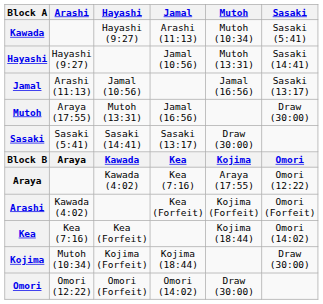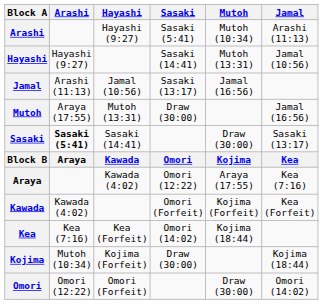 <table class="wikitable" style="margin: 1em auto 1em auto; text-align:center;">
 <tr>
 <th>Block A</th>
 <th><a href='#'>Arashi</a></th>
 <th><a href='#'>Hayashi</a></th>
+<th><a href='#'>Sasaki</a></th>
+<th><a href='#'>Mutoh</a></th>
 <th><a href='#'>Jamal</a></th>
-<th><a href='#'>Mutoh</a></th>
-<th><a href='#'>Sasaki</a></th>
 </tr>
 <tr>
-<th><a href='#'>Kawada</a></th>
+<th><a href='#'>Arashi</a></th>
 <td></td>
 <td>Hayashi<br>(9:27)</td>
+<td>Sasaki<br>(5:41)</td>
+<td>Mutoh<br>(10:34)</td>
 <td>Arashi<br>(11:13)</td>
-<td>Mutoh<br>(10:34)</td>
-<td>Sasaki<br>(5:41)</td>
 </tr>
 <tr>
 <th><a href='#'>Hayashi</a></th>
 <td>Hayashi<br>(9:27)</td>
 <td></td>
+<td>Sasaki<br>(14:41)</td>
+<td>Mutoh<br>(13:31)</td>
 <td>Jamal<br>(10:56)</td>
-<td>Mutoh<br>(13:31)</td>
-<td>Sasaki<br>(14:41)</td>
 </tr>
 <tr>
 <th><a href='#'>Jamal</a></th>
 <td>Arashi<br>(11:13)</td>
 <td>Jamal<br>(10:56)</td>
+<td>Sasaki<br>(13:17)</td>
+<td>Jamal<br>(16:56)</td>
 <td></td>
-<td>Jamal<br>(16:56)</td>
-<td>Sasaki<br>(13:17)</td>
 </tr>
 <tr>
 <th><a href='#'>Mutoh</a></th>
 <td>Araya<br>(17:55)</td>
 <td>Mutoh<br>(13:31)</td>
+<td>Draw<br>(30:00)</td>
+<td></td>
 <td>Jamal<br>(16:56)</td>
-<td></td>
-<td>Draw<br>(30:00)</td>
 </tr>
 <tr>
 <th><a href='#'>Sasaki</a></th>
-<td>Sasaki<br>(5:41)</td>
+<td><strong>Sasaki<br>(5:41)</strong></td>
 <td>Sasaki<br>(14:41)</td>
+<td></td>
+<td>Draw<br>(30:00)</td>
 <td>Sasaki<br>(13:17)</td>
-<td>Draw<br>(30:00)</td>
-<td></td>
 </tr>
 <tr>
 <th>Block B</th>
 <th Nobutaka Araya>Araya</th>
 <th><a href='#'>Kawada</a></th>
+<th><a href='#'>Omori</a></th>
+<th><a href='#'>Kojima</a></th>
 <th><a href='#'>Kea</a></th>
-<th><a href='#'>Kojima</a></th>
-<th><a href='#'>Omori</a></th>
 </tr>
 <tr>
 <th Nobutaka Araya>Araya</th>
 <td></td>
 <td>Kawada<br>(4:02)</td>
+<td>Omori<br>(12:22)</td>
+<td>Araya<br>(17:55)</td>
 <td>Kea<br>(7:16)</td>
-<td>Araya<br>(17:55)</td>
-<td>Omori<br>(12:22)</td>
 </tr>
 <tr>
-<th><a href='#'>Arashi</a></th>
+<th><a href='#'>Kawada</a></th>
 <td>Kawada<br>(4:02)</td>
 <td></td>
+<td>Omori<br>(Forfeit)</td>
+<td>Kojima<br>(Forfeit)</td>
 <td>Kea<br>(Forfeit)</td>
-<td>Kojima<br>(Forfeit)</td>
-<td>Omori<br>(Forfeit)</td>
 </tr>
 <tr>
 <th><a href='#'>Kea</a></th>
 <td>Kea<br>(7:16)</td>
 <td>Kea<br>(Forfeit)</td>
+<td>Omori<br>(14:02)</td>
+<td>Kojima<br>(18:44)</td>
 <td></td>
-<td>Kojima<br>(18:44)</td>
-<td>Omori<br>(14:02)</td>
 </tr>
 <tr>
 <th><a href='#'>Kojima</a></th>
 <td>Mutoh<br>(10:34)</td>
 <td>Kojima<br>(Forfeit)</td>
+<td>Draw<br>(30:00)</td>
+<td></td>
 <td>Kojima<br>(18:44)</td>
-<td></td>
-<td>Draw<br>(30:00)</td>
 </tr>
 <tr>
 <th><a href='#'>Omori</a></th>
 <td>Omori<br>(12:22)</td>
 <td>Omori<br>(Forfeit)</td>
+<td></td>
+<td>Draw<br>(30:00)</td>
 <td>Omori<br>(14:02)</td>
-<td>Draw<br>(30:00)</td>
-<td></td>
 </tr>
 </table>
